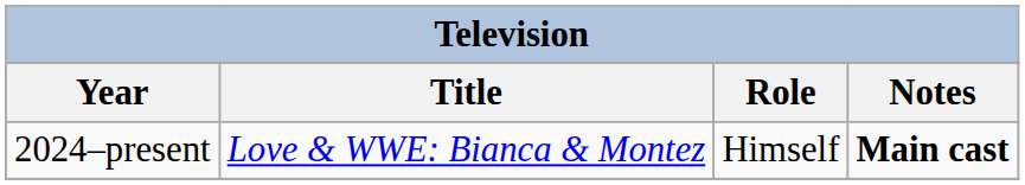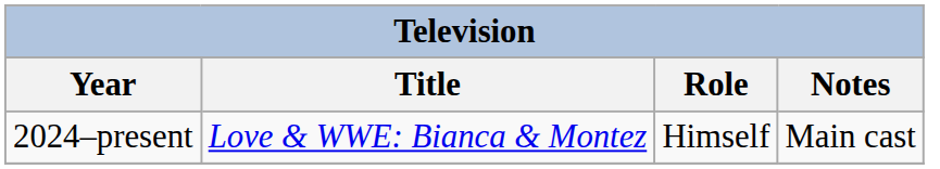 <table class="wikitable">
 <tr style="background:#ccc; text-align:center;">
 <th colspan="4" style="background: LightSteelBlue;">Television</th>
 </tr>
 <tr style="background:#ccc; text-align:center;">
 </tr>
 <tr>
 <th>Year</th>
 <th>Title</th>
 <th>Role</th>
 <th class="unsortable">Notes</th>
 </tr>
 <tr>
 <td>2024–present</td>
 <td><em><a href='#'>Love & WWE: Bianca & Montez</a></em></td>
 <td>Himself</td>
-<td><strong>Main cast</strong></td>
+<td>Main cast</td>
 </tr>
 <tr>
 </tr>
 </table>
